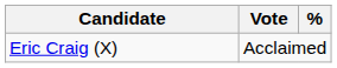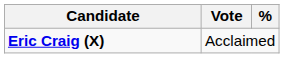 <table class="wikitable">
 <tr>
 <th bgcolor="#DDDDFF" width="200px">Candidate</th>
 <th bgcolor="#DDDDFF">Vote</th>
 <th bgcolor="#DDDDFF">%</th>
 </tr>
 <tr>
-<td><a href='#'>Eric Craig</a> (X)</td>
+<td><strong><a href='#'>Eric Craig</a> (X)</strong></td>
 <td colspan="2">Acclaimed</td>
 </tr>
 </table>
